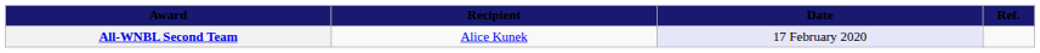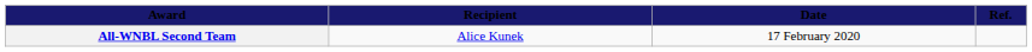 <table class="wikitable sortable sortable" style="text-align: center">
 <tr>
 <th style="background:midnightblue" width="10%"><span>Award</span></th>
 <th style="background:midnightblue" width="10%"><span>Recipient</span></th>
 <th style="background:midnightblue" width="10%"><span>Date</span></th>
 <th style="background:midnightblue" width="1%" class="unsortable"><span>Ref.</span></th>
 </tr>
 <tr>
 <th rowspan=1><a href='#'>All-WNBL Second Team</a></th>
 <td><a href='#'>Alice Kunek</a></td>
-<td rowspan=1 style="background: lavender;">17 February 2020</td>
+<td rowspan=1>17 February 2020</td>
 <td rowspan=1></td>
 </tr>
 </table>
